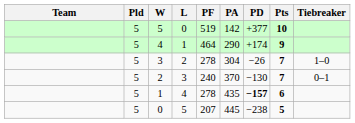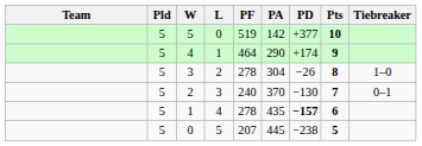 <table class=wikitable style="text-align:center">
 <tr>
 <th width=180>Team</th>
 <th width=30>Pld</th>
 <th width=30>W</th>
 <th width=30>L</th>
 <th width=30>PF</th>
 <th width=30>PA</th>
 <th width=30>PD</th>
 <th width=30>Pts</th>
 <th width=80>Tiebreaker</th>
 </tr>
 <tr align=center bgcolor="#ccffcc">
 <td align=left></td>
 <td>5</td>
 <td>5</td>
 <td>0</td>
 <td>519</td>
 <td>142</td>
 <td>+377</td>
 <td><strong>10</strong></td>
 <td></td>
 </tr>
 <tr align=center bgcolor="#ccffcc">
 <td align=left></td>
 <td>5</td>
 <td>4</td>
 <td>1</td>
 <td>464</td>
 <td>290</td>
 <td>+174</td>
 <td><strong>9</strong></td>
 <td></td>
 </tr>
 <tr align=center>
 <td align=left></td>
 <td>5</td>
 <td>3</td>
 <td>2</td>
 <td>278</td>
 <td>304</td>
 <td>−26</td>
-<td><strong>7</strong></td>
+<td><strong>8</strong></td>
 <td>1–0</td>
 </tr>
 <tr align=center>
 <td align=left></td>
 <td>5</td>
 <td>2</td>
 <td>3</td>
 <td>240</td>
 <td>370</td>
 <td>−130</td>
 <td><strong>7</strong></td>
 <td>0–1</td>
 </tr>
 <tr align=center>
 <td align=left></td>
 <td>5</td>
 <td>1</td>
 <td>4</td>
 <td>278</td>
 <td>435</td>
 <td><strong>−157</strong></td>
 <td><strong>6</strong></td>
 <td></td>
 </tr>
 <tr align=center>
 <td align=left></td>
 <td>5</td>
 <td>0</td>
 <td>5</td>
 <td>207</td>
 <td>445</td>
 <td>−238</td>
 <td><strong>5</strong></td>
 <td></td>
 </tr>
 </table>
